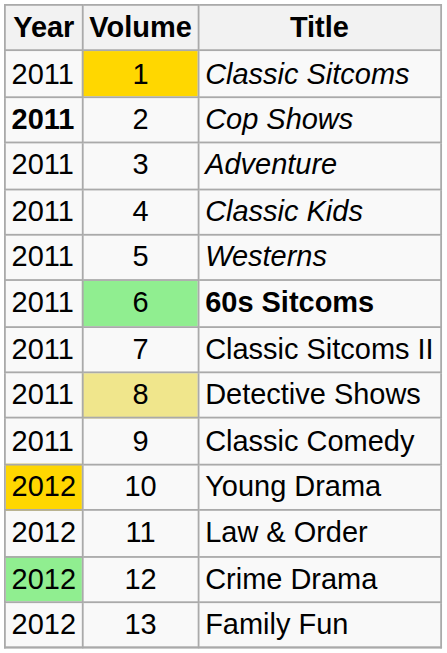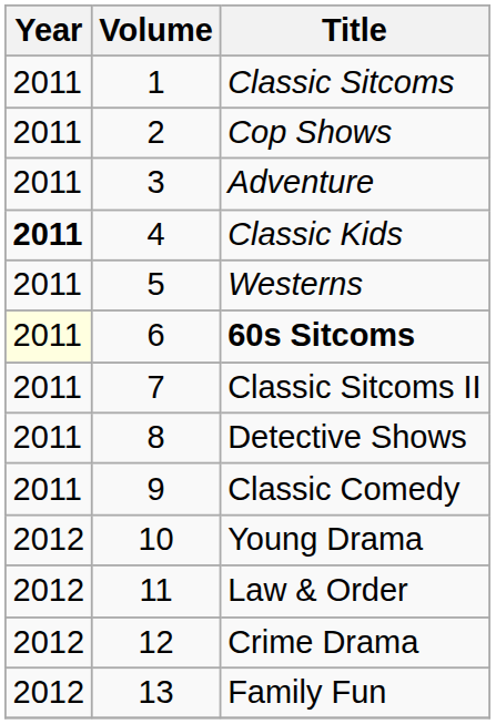 <table class="wikitable">
 <tr>
 <th>Year</th>
 <th>Volume</th>
 <th>Title</th>
 </tr>
 <tr>
 <td>2011</td>
-<td align="center" style="background: gold;">1</td>
+<td align="center">1</td>
 <td><em>Classic Sitcoms</em></td>
 </tr>
 <tr>
-<td><strong>2011</strong></td>
+<td>2011</td>
 <td align="center">2</td>
 <td><em>Cop Shows</em></td>
 </tr>
 <tr>
 <td>2011</td>
 <td align="center">3</td>
 <td><em>Adventure</em></td>
 </tr>
 <tr>
-<td>2011</td>
+<td><strong>2011</strong></td>
 <td align="center">4</td>
 <td><em>Classic Kids</em></td>
 </tr>
 <tr>
 <td>2011</td>
 <td align="center">5</td>
 <td><em>Westerns</em></td>
 </tr>
 <tr>
-<td>2011</td>
-<td align="center" style="background: lightgreen;">6</td>
+<td style="background: lightyellow;">2011</td>
+<td align="center">6</td>
 <td><strong>60s Sitcoms<em></td>
 </tr>
 <tr>
 <td>2011</td>
 <td align="center">7</td>
 <td></em>Classic Sitcoms II<em></td>
 </tr>
 <tr>
 <td>2011</td>
-<td align="center" style="background: khaki;">8</td>
+<td align="center">8</td>
 <td></em>Detective Shows<em></td>
 </tr>
 <tr>
 <td>2011</td>
 <td align="center">9</td>
 <td></em>Classic Comedy<em></td>
 </tr>
 <tr>
-<td style="background: gold;">2012</td>
+<td>2012</td>
 <td align="center">10</td>
 <td></em>Young Drama<em></td>
 </tr>
 <tr>
 <td>2012</td>
 <td align="center">11</td>
 <td></em>Law & Order<em></td>
 </tr>
 <tr>
-<td style="background: lightgreen;">2012</td>
+<td>2012</td>
 <td align="center">12</td>
 <td></em>Crime Drama<em></td>
 </tr>
 <tr>
 <td>2012</td>
 <td align="center">13</td>
 <td></em>Family Fun<em></td>
 </tr>
 <tr>
 </tr>
 </table>
